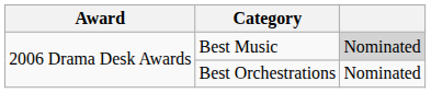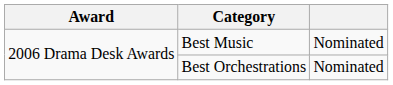 <table class="wikitable">
 <tr>
 <th>Award</th>
 <th>Category</th>
 <th></th>
 </tr>
 <tr>
 <td rowspan="2">2006 Drama Desk Awards</td>
 <td>Best Music</td>
-<td style="background: lightgrey;">Nominated</td>
+<td>Nominated</td>
 </tr>
 <tr>
 <td>Best Orchestrations</td>
 <td>Nominated</td>
 </tr>
 </table>
